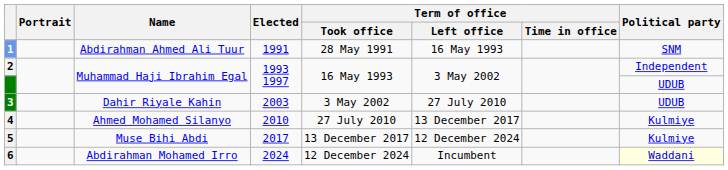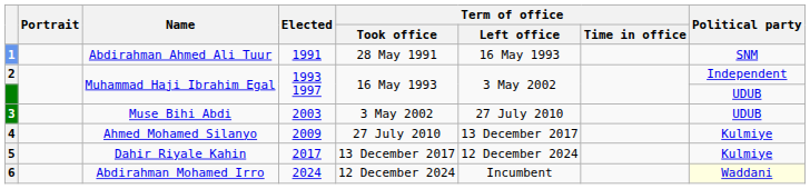 <table class="wikitable" style="text-align:center">
 <tr>
 <th rowspan="2"></th>
 <th rowspan="2">Portrait</th>
 <th rowspan="2">Name<br></th>
 <th rowspan="2">Elected</th>
 <th colspan="3">Term of office</th>
 <th rowspan="2">Political party</th>
 </tr>
 <tr>
 <th>Took office</th>
 <th>Left office</th>
 <th>Time in office</th>
 </tr>
 <tr>
 <th style="background:CornflowerBlue; color:white;">1</th>
 <td></td>
 <td><a href='#'>Abdirahman Ahmed Ali Tuur</a><br></td>
 <td><a href='#'>1991</a></td>
 <td>28 May 1991</td>
 <td>16 May 1993</td>
 <td></td>
 <td><a href='#'>SNM</a></td>
 </tr>
 <tr>
 <th style="background:">2</th>
 <td rowspan="2"></td>
 <td rowspan="2"><a href='#'>Muhammad Haji Ibrahim Egal</a><br></td>
 <td rowspan="2"><a href='#'>1993</a><br><a href='#'>1997</a></td>
 <td rowspan="2">16 May 1993</td>
 <td rowspan="2">3 May 2002</td>
 <td rowspan="2"></td>
 <td><a href='#'>Independent</a><br></td>
 </tr>
 <tr>
 <th style="background:Green; color:white;"></th>
 <td><a href='#'>UDUB</a></td>
 </tr>
 <tr>
 <th style="background:Green; color:white;">3</th>
 <td></td>
-<td><a href='#'>Dahir Riyale Kahin</a><br></td>
+<td><a href='#'>Muse Bihi Abdi</a><br></td>
 <td><a href='#'>2003</a></td>
 <td>3 May 2002</td>
 <td>27 July 2010</td>
 <td></td>
 <td><a href='#'>UDUB</a></td>
 </tr>
 <tr>
 <th style="background:">4</th>
 <td></td>
 <td><a href='#'>Ahmed Mohamed Silanyo</a><br></td>
-<td><a href='#'>2010</a></td>
+<td><a href='#'>2009</a></td>
 <td>27 July 2010</td>
 <td>13 December 2017</td>
 <td></td>
 <td><a href='#'>Kulmiye</a></td>
 </tr>
 <tr>
 <th style="background:">5</th>
 <td></td>
-<td><a href='#'>Muse Bihi Abdi</a><br></td>
+<td><a href='#'>Dahir Riyale Kahin</a><br></td>
 <td><a href='#'>2017</a></td>
 <td>13 December 2017</td>
 <td>12 December 2024</td>
 <td></td>
 <td><a href='#'>Kulmiye</a></td>
 </tr>
 <tr>
 <th style="background:">6</th>
 <td></td>
 <td><a href='#'>Abdirahman Mohamed Irro</a><br></td>
 <td><a href='#'>2024</a></td>
 <td>12 December 2024</td>
 <td>Incumbent</td>
 <td></td>
 <td style="background: lightyellow;"><a href='#'>Waddani</a></td>
 </tr>
 </table>
